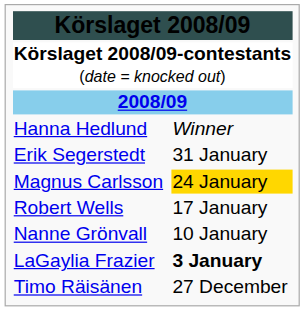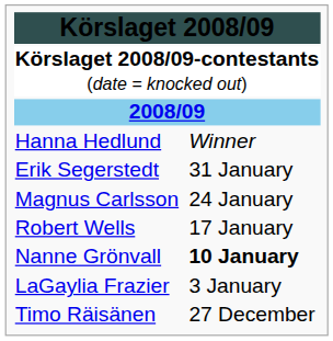 <table class="infobox">
 <tr>
 <td colspan="2" style="background:#2F4F4F; text-align:center;"><big><strong><span>Körslaget 2008/09</span></strong></big></td>
 </tr>
 <tr>
 <td colspan="2" style="background:#fff; text-align:center;"><strong>Körslaget 2008/09-contestants</strong><br><small>(<em>date = knocked out</em>)</small></td>
 </tr>
 <tr>
 <td colspan="2" style="background:skyBlue; text-align:center;"><strong><a href='#'>2008/09</a></strong></td>
 </tr>
 <tr>
 <td><a href='#'>Hanna Hedlund</a></td>
 <td><em>Winner</em></td>
 </tr>
 <tr>
 <td><a href='#'>Erik Segerstedt</a></td>
 <td>31 January</td>
 </tr>
 <tr>
 <td><a href='#'>Magnus Carlsson</a></td>
-<td style="background: gold;">24 January</td>
+<td>24 January</td>
 </tr>
 <tr>
 <td><a href='#'>Robert Wells</a></td>
 <td>17 January</td>
 </tr>
 <tr>
 <td><a href='#'>Nanne Grönvall</a></td>
-<td>10 January</td>
+<td><strong>10 January</strong></td>
 </tr>
 <tr>
 <td><a href='#'>LaGaylia Frazier</a></td>
-<td><strong>3 January</strong></td>
+<td>3 January</td>
 </tr>
 <tr>
 <td><a href='#'>Timo Räisänen</a></td>
 <td>27 December</td>
 </tr>
 </table>
